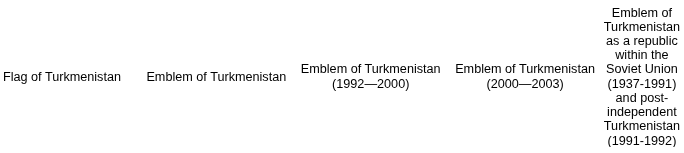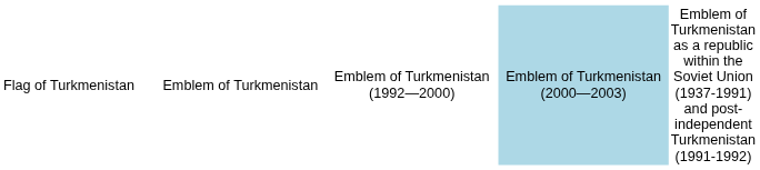 <table class="graytable" style="text-align:center">
 <tr>
 <td width="25%"></td>
 <td width="25%"></td>
 <td width="25%"></td>
 <td width="25%"></td>
 <td width="25%"></td>
 </tr>
 <tr>
 <td>Flag of Turkmenistan</td>
 <td>Emblem of Turkmenistan</td>
 <td>Emblem of Turkmenistan (1992—2000)</td>
-<td>Emblem of Turkmenistan (2000—2003)</td>
+<td style="background: lightblue;">Emblem of Turkmenistan (2000—2003)</td>
 <td>Emblem of Turkmenistan as a republic within the Soviet Union (1937-1991) and post-independent Turkmenistan (1991-1992)</td>
 </tr>
 </table>
